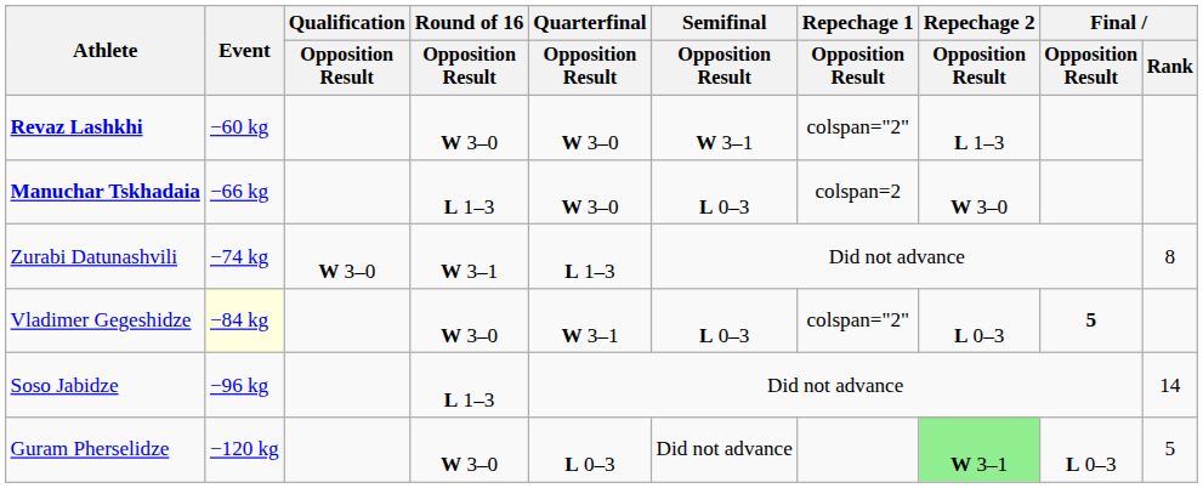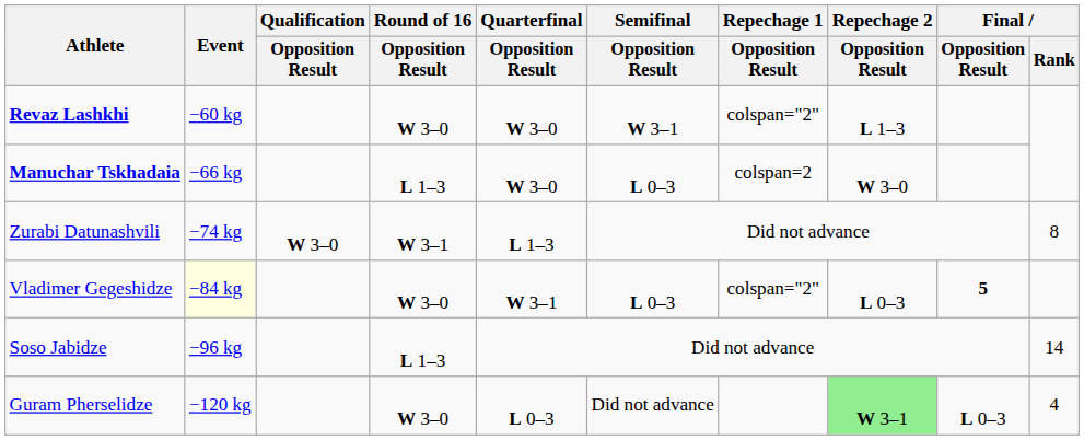 <table class="wikitable" style="font-size:90%">
 <tr>
 <th rowspan="2">Athlete</th>
 <th rowspan="2">Event</th>
 <th>Qualification</th>
 <th>Round of 16</th>
 <th>Quarterfinal</th>
 <th>Semifinal</th>
 <th>Repechage 1</th>
 <th>Repechage 2</th>
 <th colspan=2>Final / </th>
 </tr>
 <tr style="font-size: 95%">
 <th>Opposition<br>Result</th>
 <th>Opposition<br>Result</th>
 <th>Opposition<br>Result</th>
 <th>Opposition<br>Result</th>
 <th>Opposition<br>Result</th>
 <th>Opposition<br>Result</th>
 <th>Opposition<br>Result</th>
 <th>Rank</th>
 </tr>
 <tr align=center>
 <td align=left><strong><a href='#'>Revaz Lashkhi</a></strong></td>
 <td align=left><a href='#'>−60 kg</a></td>
 <td></td>
 <td><br><strong>W</strong> 3–0 <sup></sup></td>
 <td><br><strong>W</strong> 3–0 <sup></sup></td>
 <td><br><strong>W</strong> 3–1 <sup></sup></td>
 <td>colspan="2" </td>
 <td align=center><br><strong>L</strong> 1–3 <sup></sup></td>
 <td></td>
 </tr>
 <tr align=center>
 <td align=left><strong><a href='#'>Manuchar Tskhadaia</a></strong></td>
 <td align=left><a href='#'>−66 kg</a></td>
 <td></td>
 <td><br><strong>L</strong> 1–3 <sup></sup></td>
 <td><br><strong>W</strong> 3–0 <sup></sup></td>
 <td><br><strong>L</strong> 0–3 <sup></sup></td>
 <td>colspan=2 </td>
 <td><br><strong>W</strong> 3–0 <sup></sup></td>
 <td></td>
 </tr>
 <tr align=center>
 <td align=left><a href='#'>Zurabi Datunashvili</a></td>
 <td align=left><a href='#'>−74 kg</a></td>
 <td><br><strong>W</strong> 3–0 <sup></sup></td>
 <td><br><strong>W</strong> 3–1 <sup></sup></td>
 <td><br><strong>L</strong> 1–3 <sup></sup></td>
 <td colspan=4>Did not advance</td>
 <td>8</td>
 </tr>
 <tr align=center>
 <td align=left><a href='#'>Vladimer Gegeshidze</a></td>
 <td align=left style="background: lightyellow;"><a href='#'>−84 kg</a></td>
 <td></td>
 <td><br><strong>W</strong> 3–0 <sup></sup></td>
 <td><br><strong>W</strong> 3–1 <sup></sup></td>
 <td><br><strong>L</strong> 0–3 <sup></sup></td>
 <td>colspan="2" </td>
 <td><br><strong>L</strong> 0–3 <sup></sup></td>
 <td><strong>5</strong></td>
 </tr>
 <tr align=center>
 <td align=left><a href='#'>Soso Jabidze</a></td>
 <td align=left><a href='#'>−96 kg</a></td>
 <td></td>
 <td><br><strong>L</strong> 1–3 <sup></sup></td>
 <td colspan=5>Did not advance</td>
 <td>14</td>
 </tr>
 <tr align=center>
 <td align=left><a href='#'>Guram Pherselidze</a></td>
 <td align=left><a href='#'>−120 kg</a></td>
 <td></td>
 <td><br><strong>W</strong> 3–0 <sup></sup></td>
 <td><br><strong>L</strong> 0–3 <sup></sup></td>
 <td>Did not advance</td>
 <td></td>
 <td style="background: lightgreen;"><br><strong>W</strong> 3–1 <sup></sup></td>
 <td><br><strong>L</strong> 0–3 <sup></sup></td>
-<td>5</td>
+<td>4</td>
 </tr>
 </table>
